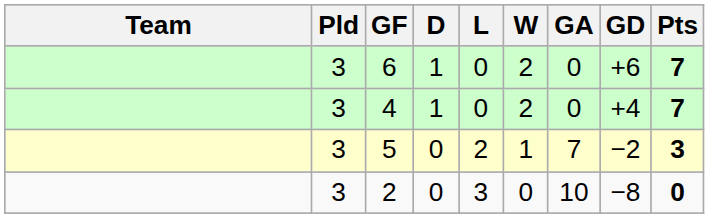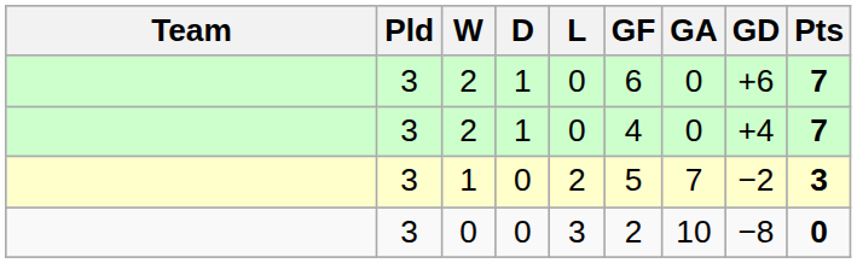 <table class="wikitable" style="text-align:center;">
 <tr>
 <th width=180>Team</th>
 <th width=20>Pld</th>
-<th width=20>GF</th>
+<th width=20>W</th>
 <th width=20>D</th>
 <th width=20>L</th>
-<th width=20>W</th>
+<th width=20>GF</th>
 <th width=20>GA</th>
 <th width=20>GD</th>
 <th width=20>Pts</th>
 </tr>
 <tr align=center style="background:#ccffcc;">
 <td style="text-align:left;"></td>
 <td>3</td>
-<td>6</td>
+<td>2</td>
 <td>1</td>
 <td>0</td>
-<td>2</td>
+<td>6</td>
 <td>0</td>
 <td>+6</td>
 <td><strong>7</strong></td>
 </tr>
 <tr align=center style="background:#ccffcc;">
 <td style="text-align:left;"></td>
 <td>3</td>
-<td>4</td>
+<td>2</td>
 <td>1</td>
 <td>0</td>
-<td>2</td>
+<td>4</td>
 <td>0</td>
 <td>+4</td>
 <td><strong>7</strong></td>
 </tr>
 <tr align=center style="background:#ffffcc;">
 <td style="text-align:left;"></td>
 <td>3</td>
-<td>5</td>
+<td>1</td>
 <td>0</td>
 <td>2</td>
-<td>1</td>
+<td>5</td>
 <td>7</td>
 <td>−2</td>
 <td><strong>3</strong></td>
 </tr>
 <tr align=center>
 <td style="text-align:left;"></td>
 <td>3</td>
-<td>2</td>
+<td>0</td>
 <td>0</td>
 <td>3</td>
-<td>0</td>
+<td>2</td>
 <td>10</td>
 <td>−8</td>
 <td><strong>0</strong></td>
 </tr>
 </table>
